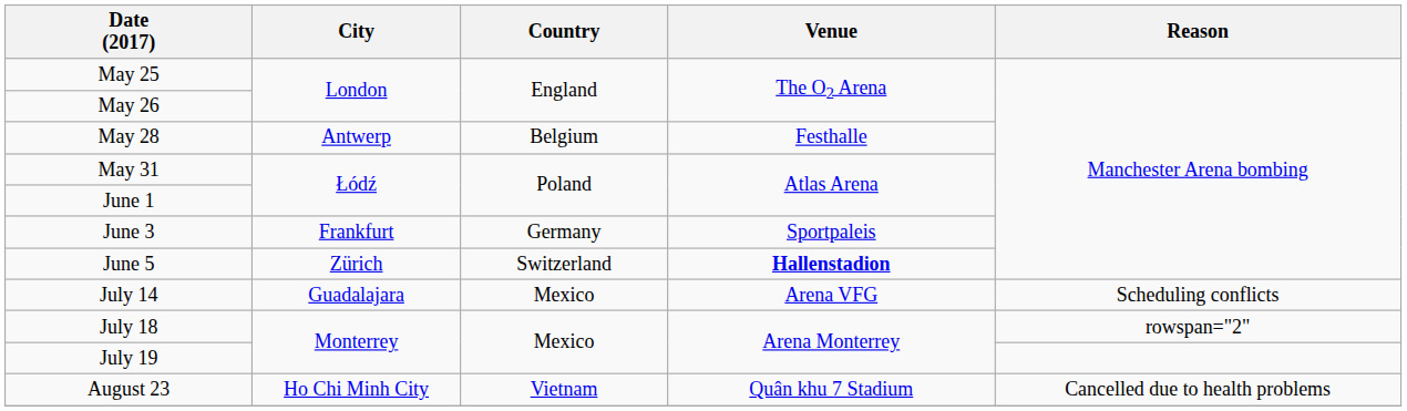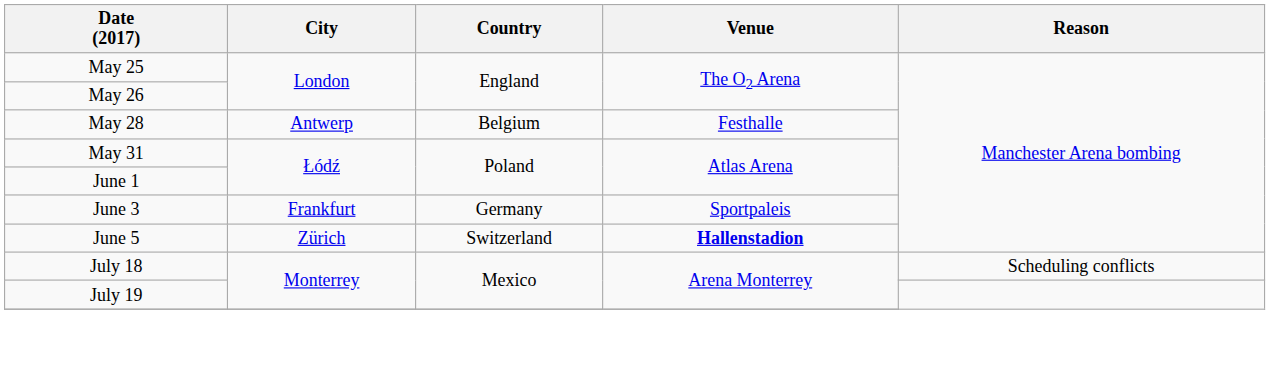 <table class="wikitable" style="text-align:center;">
 <tr>
 <th scope="col" style="width:12em;">Date<br>(2017)</th>
 <th scope="col" style="width:10em;">City</th>
 <th scope="col" style="width:10em;">Country</th>
 <th scope="col" style="width:16em;">Venue</th>
 <th scope="col" style="width:20em;">Reason</th>
 </tr>
 <tr>
 <td>May 25</td>
 <td rowspan="2"><a href='#'>London</a></td>
 <td rowspan="2">England</td>
 <td rowspan="2"><a href='#'>The O<sub>2</sub> Arena</a></td>
 <td rowspan="7"><a href='#'>Manchester Arena bombing</a></td>
 </tr>
 <tr>
 <td>May 26</td>
 </tr>
 <tr>
 <td>May 28</td>
 <td><a href='#'>Antwerp</a></td>
 <td>Belgium</td>
 <td><a href='#'>Festhalle</a></td>
 </tr>
 <tr>
 <td>May 31</td>
 <td rowspan="2"><a href='#'>Łódź</a></td>
 <td rowspan="2">Poland</td>
 <td rowspan="2"><a href='#'>Atlas Arena</a></td>
 </tr>
 <tr>
 <td>June 1</td>
 </tr>
 <tr>
 <td>June 3</td>
 <td><a href='#'>Frankfurt</a></td>
 <td>Germany</td>
 <td><a href='#'>Sportpaleis</a></td>
 </tr>
 <tr>
 <td>June 5</td>
 <td><a href='#'>Zürich</a></td>
 <td>Switzerland</td>
 <td><strong><a href='#'>Hallenstadion</a></strong></td>
 </tr>
 <tr>
-<td>July 14</td>
-<td><a href='#'>Guadalajara</a></td>
-<td>Mexico</td>
-<td><a href='#'>Arena VFG</a></td>
-<td>Scheduling conflicts</td>
-</tr>
-<tr>
 <td>July 18</td>
 <td rowspan="2"><a href='#'>Monterrey</a></td>
 <td rowspan="2">Mexico</td>
 <td rowspan="2"><a href='#'>Arena Monterrey</a></td>
-<td>rowspan="2" </td>
+<td>Scheduling conflicts</td>
 </tr>
 <tr>
 <td>July 19</td>
 </tr>
 <tr>
-<td>August 23</td>
-<td><a href='#'>Ho Chi Minh City</a></td>
-<td><a href='#'>Vietnam</a></td>
-<td><a href='#'>Quân khu 7 Stadium</a></td>
-<td>Cancelled due to health problems</td>
-</tr>
-<tr>
 </tr>
 </table>
